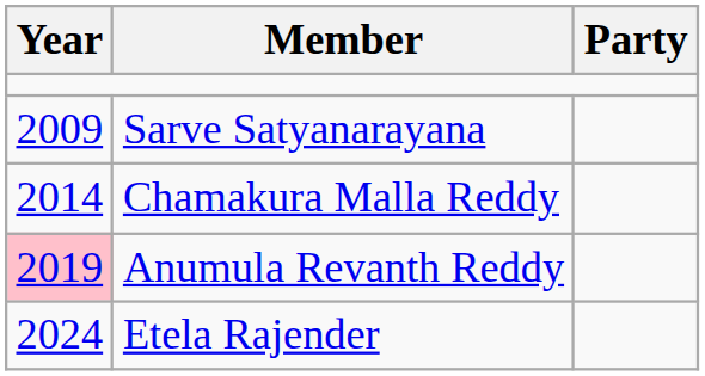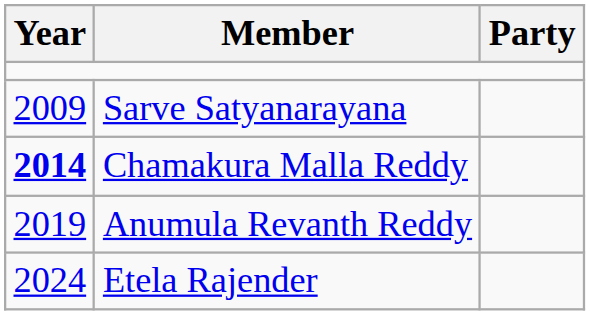 <table class="wikitable sortable">
 <tr>
 <th>Year</th>
 <th>Member</th>
 <th colspan=2>Party</th>
 </tr>
 <tr>
 <td colspan="4"></td>
 </tr>
 <tr>
 <td><a href='#'>2009</a></td>
 <td><a href='#'>Sarve Satyanarayana</a></td>
 <td></td>
 </tr>
 <tr>
-<td><a href='#'>2014</a></td>
+<td><strong><a href='#'>2014</a></strong></td>
 <td><a href='#'>Chamakura Malla Reddy</a></td>
 <td></td>
 </tr>
 <tr>
-<td style="background: pink;"><a href='#'>2019</a></td>
+<td><a href='#'>2019</a></td>
 <td><a href='#'>Anumula Revanth Reddy</a></td>
 <td></td>
 </tr>
 <tr>
 <td><a href='#'>2024</a></td>
 <td><a href='#'>Etela Rajender</a></td>
 <td></td>
 </tr>
 </table>
